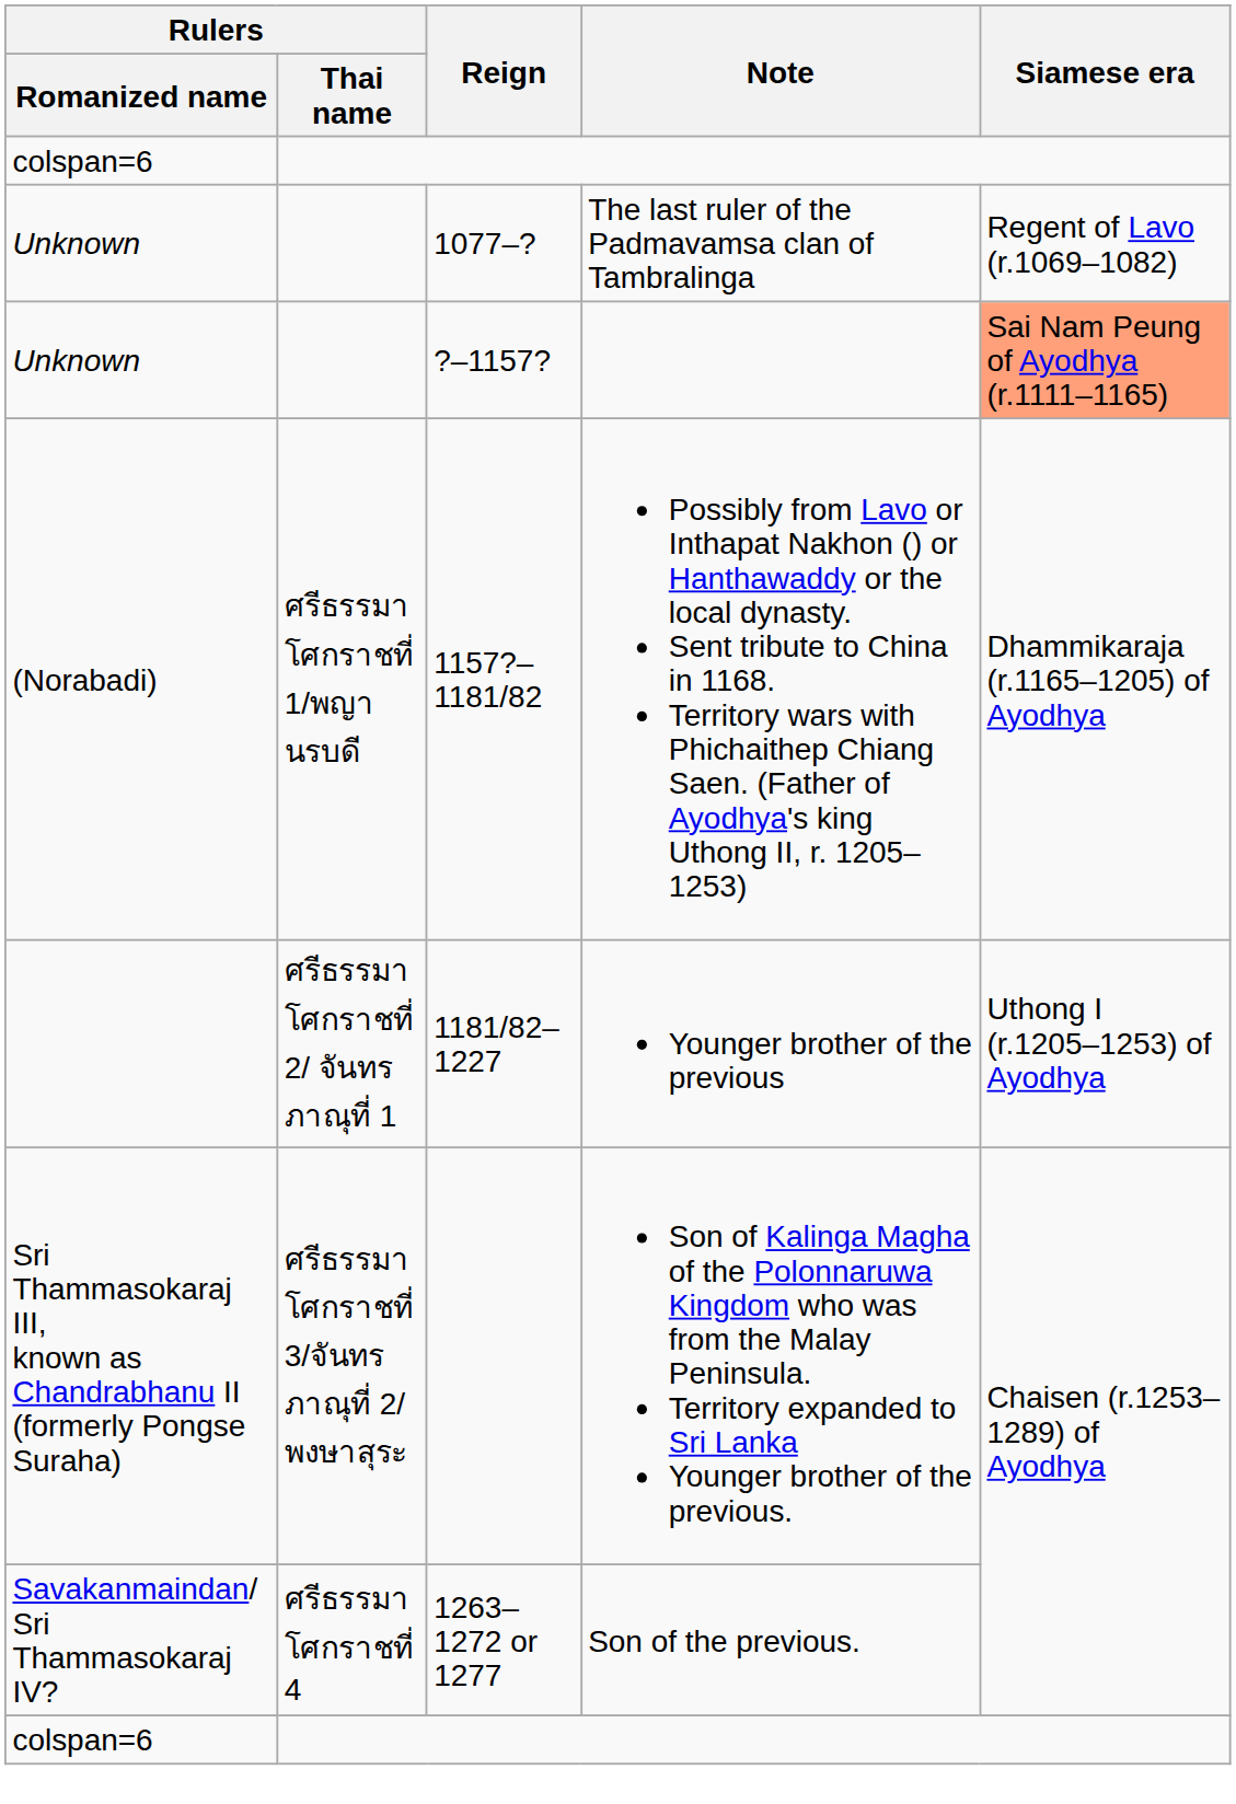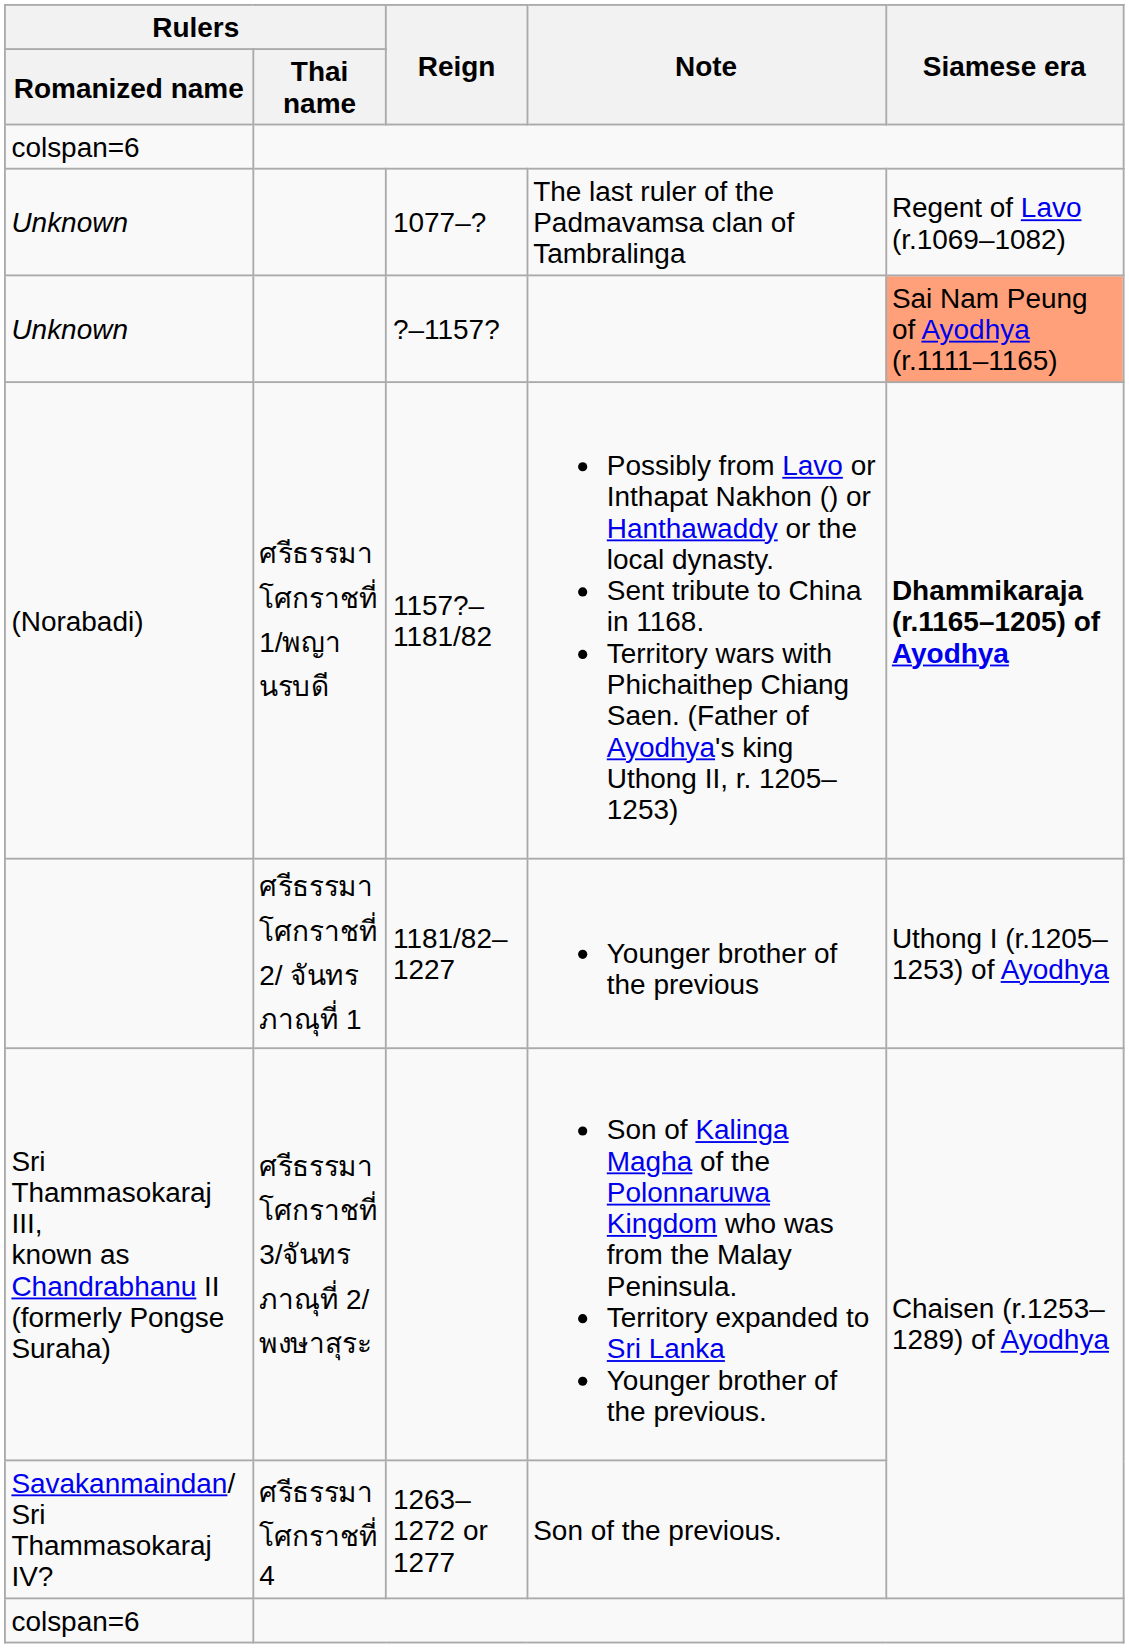 <table class="wikitable" style="font-size:95%;">
 <tr>
 <th colspan=2>Rulers</th>
 <th rowspan=2>Reign</th>
 <th rowspan=2>Note</th>
 <th rowspan=2>Siamese era</th>
 </tr>
 <tr>
 <th>Romanized name</th>
 <th>Thai name</th>
 </tr>
 <tr>
 <td>colspan=6 </td>
 </tr>
 <tr>
 <td><em>Unknown</em></td>
 <td></td>
 <td>1077–?</td>
 <td>The last ruler of the Padmavamsa clan of Tambralinga</td>
 <td>Regent of <a href='#'>Lavo</a> (r.1069–1082)</td>
 </tr>
 <tr>
 <td><em>Unknown</em></td>
 <td></td>
 <td>?–1157?</td>
 <td></td>
 <td style="background: lightsalmon;">Sai Nam Peung of <a href='#'>Ayodhya</a> (r.1111–1165)</td>
 </tr>
 <tr>
 <td> (Norabadi)</td>
 <td>ศรีธรรมาโศกราชที่ 1/พญานรบดี</td>
 <td>1157?–1181/82</td>
 <td><br><ul><li>Possibly from <a href='#'>Lavo</a> or Inthapat Nakhon () or <a href='#'>Hanthawaddy</a> or the local dynasty.</li><li>Sent tribute to China in 1168.</li><li>Territory wars with Phichaithep Chiang Saen. (Father of <a href='#'>Ayodhya</a>'s king Uthong II, r. 1205–1253)</li></ul></td>
-<td>Dhammikaraja (r.1165–1205) of <a href='#'>Ayodhya</a></td>
+<td><strong>Dhammikaraja (r.1165–1205) of <a href='#'>Ayodhya</a></strong></td>
 </tr>
 <tr>
 <td><br></td>
 <td>ศรีธรรมาโศกราชที่ 2/ จันทรภาณุที่ 1</td>
 <td>1181/82–1227</td>
 <td><br><ul><li>Younger brother of the previous</li></ul></td>
 <td>Uthong I (r.1205–1253) of <a href='#'>Ayodhya</a></td>
 </tr>
 <tr>
 <td>Sri Thammasokaraj III,<br>known as <a href='#'>Chandrabhanu</a> II<br>(formerly Pongse Suraha)</td>
 <td>ศรีธรรมาโศกราชที่ 3/จันทรภาณุที่ 2/พงษาสุระ</td>
 <td></td>
 <td><br><ul><li>Son of <a href='#'>Kalinga Magha</a> of the <a href='#'>Polonnaruwa Kingdom</a> who was from the Malay Peninsula.</li><li>Territory expanded to <a href='#'>Sri Lanka</a></li><li>Younger brother of the previous.</li></ul></td>
 <td rowspan=2>Chaisen (r.1253–1289) of <a href='#'>Ayodhya</a></td>
 </tr>
 <tr>
 <td><a href='#'>Savakanmaindan</a>/<br>Sri Thammasokaraj IV?</td>
 <td>ศรีธรรมาโศกราชที่ 4</td>
 <td>1263–1272 or 1277</td>
 <td>Son of the previous.</td>
 </tr>
 <tr>
 <td>colspan=6 </td>
 </tr>
 </table>
